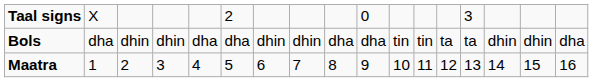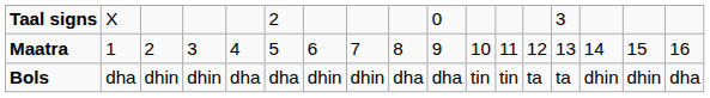 <table class="wikitable">
 <tr>
 <td><strong>Taal signs</strong></td>
 <td>X</td>
 <td></td>
 <td></td>
 <td></td>
 <td>2</td>
 <td></td>
 <td></td>
 <td></td>
 <td>0</td>
 <td></td>
 <td></td>
 <td></td>
 <td>3</td>
 <td></td>
 <td></td>
 <td></td>
 </tr>
 <tr>
+<td><strong>Maatra</strong></td>
+<td>1</td>
+<td>2</td>
+<td>3</td>
+<td>4</td>
+<td>5</td>
+<td>6</td>
+<td>7</td>
+<td>8</td>
+<td>9</td>
+<td>10</td>
+<td>11</td>
+<td>12</td>
+<td>13</td>
+<td>14</td>
+<td>15</td>
+<td>16</td>
+</tr>
+<tr>
 <td><strong>Bols</strong></td>
 <td>dha</td>
 <td>dhin</td>
 <td>dhin</td>
 <td>dha</td>
 <td>dha</td>
 <td>dhin</td>
 <td>dhin</td>
 <td>dha</td>
 <td>dha</td>
 <td>tin</td>
 <td>tin</td>
 <td>ta</td>
 <td>ta</td>
 <td>dhin</td>
 <td>dhin</td>
 <td>dha</td>
 </tr>
-<tr>
-<td><strong>Maatra</strong></td>
-<td>1</td>
-<td>2</td>
-<td>3</td>
-<td>4</td>
-<td>5</td>
-<td>6</td>
-<td>7</td>
-<td>8</td>
-<td>9</td>
-<td>10</td>
-<td>11</td>
-<td>12</td>
-<td>13</td>
-<td>14</td>
-<td>15</td>
-<td>16</td>
-</tr>
 </table>
